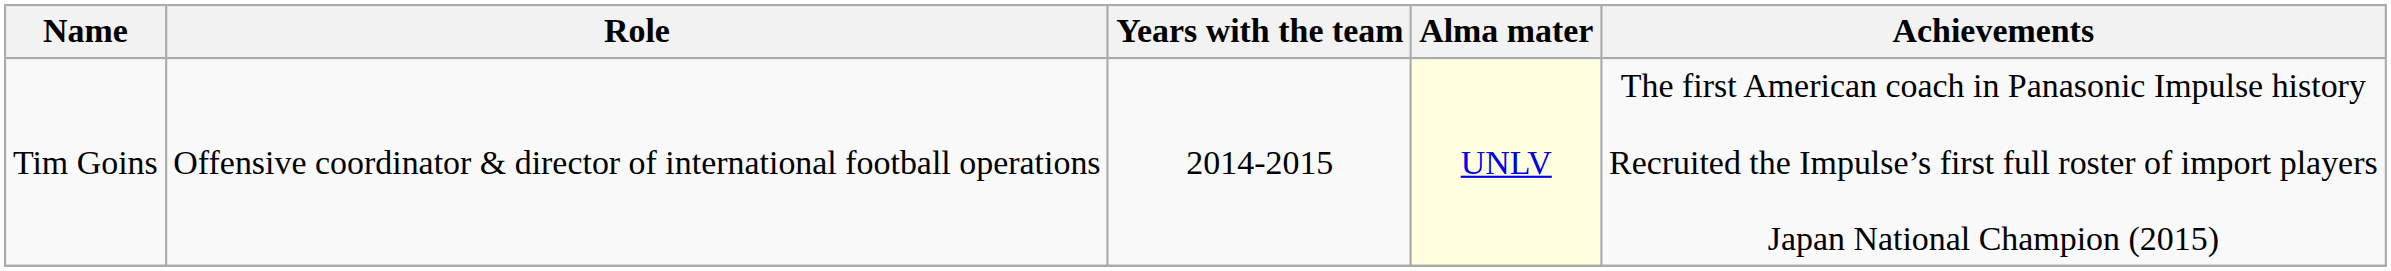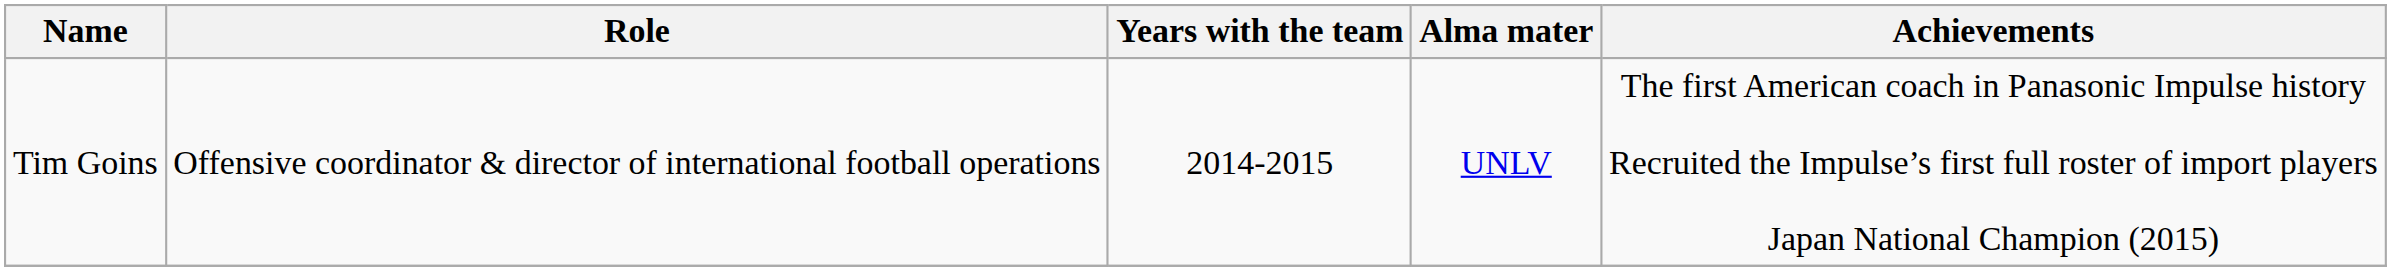 <table class="wikitable" style="text-align:center">
 <tr>
 <th>Name</th>
 <th>Role</th>
 <th>Years with the team</th>
 <th>Alma mater</th>
 <th>Achievements</th>
 </tr>
 <tr>
 <td>Tim Goins</td>
 <td>Offensive coordinator & director of international football operations</td>
 <td>2014-2015</td>
-<td style="background: lightyellow;"><a href='#'>UNLV</a></td>
+<td><a href='#'>UNLV</a></td>
 <td>The first American coach in Panasonic Impulse history<br><br>Recruited the Impulse’s first full roster of import players<br><br>Japan National Champion (2015)</td>
 </tr>
 <tr>
 </tr>
 </table>
